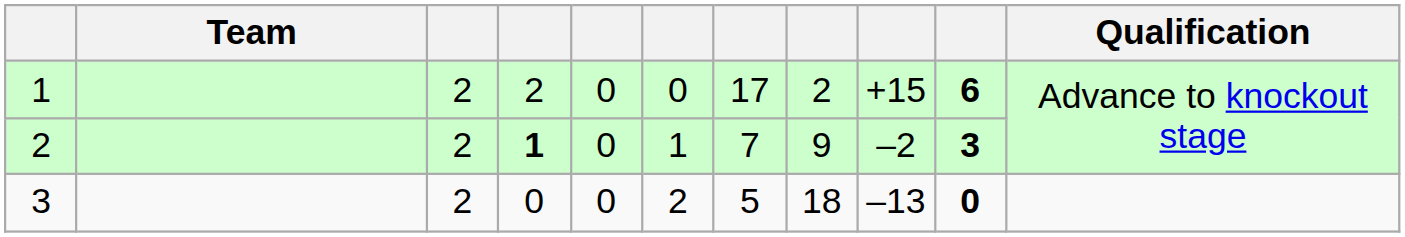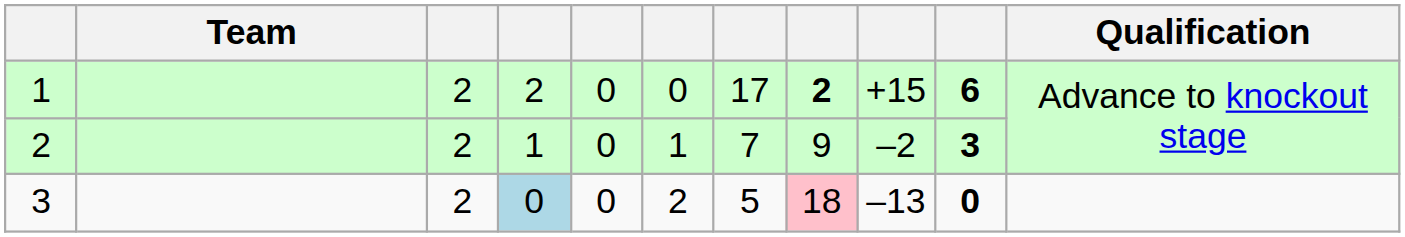 <table class="wikitable" style="text-align: center;">
 <tr>
 <th width="25"></th>
 <th width="150">Team</th>
 <th width="25"></th>
 <th width="25"></th>
 <th width="25"></th>
 <th width="25"></th>
 <th width="25"></th>
 <th width="25"></th>
 <th width="25"></th>
 <th width="25"></th>
 <th width="170">Qualification</th>
 </tr>
 <tr align=center style="background:#ccffcc;">
 <td>1</td>
 <td style="text-align:left;"></td>
 <td>2</td>
 <td>2</td>
 <td>0</td>
 <td>0</td>
 <td>17</td>
-<td>2</td>
+<td><strong>2</strong></td>
 <td>+15</td>
 <td><strong>6</strong></td>
 <td rowspan="2">Advance to <a href='#'>knockout stage</a></td>
 </tr>
 <tr align=center style="background:#ccffcc;">
 <td>2</td>
 <td style="text-align:left;"></td>
 <td>2</td>
-<td><strong>1</strong></td>
+<td>1</td>
 <td>0</td>
 <td>1</td>
 <td>7</td>
 <td>9</td>
 <td>–2</td>
 <td><strong>3</strong></td>
 </tr>
 <tr align=center>
 <td>3</td>
 <td style="text-align:left;"></td>
 <td>2</td>
-<td>0</td>
+<td style="background: lightblue;">0</td>
 <td>0</td>
 <td>2</td>
 <td>5</td>
-<td>18</td>
+<td style="background: pink;">18</td>
 <td>–13</td>
 <td><strong>0</strong></td>
 <td></td>
 </tr>
 </table>
